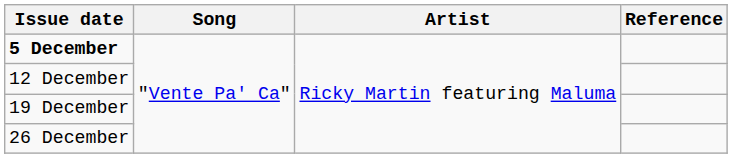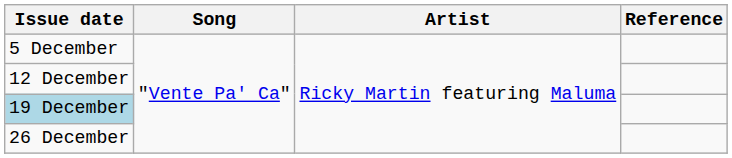 <table class="wikitable">
 <tr>
 <th>Issue date</th>
 <th>Song</th>
 <th>Artist</th>
 <th>Reference</th>
 </tr>
 <tr>
-<td><strong>5 December</strong></td>
+<td>5 December</td>
 <td align="center" rowspan="4">"<a href='#'>Vente Pa' Ca</a>"</td>
 <td align="center" rowspan="4"><a href='#'>Ricky Martin</a> featuring <a href='#'>Maluma</a></td>
 <td align="center"></td>
 </tr>
 <tr>
 <td>12 December</td>
 <td align="center"></td>
 </tr>
 <tr>
-<td>19 December</td>
+<td style="background: lightblue;">19 December</td>
 <td align="center"></td>
 </tr>
 <tr>
 <td>26 December</td>
 <td align="center"></td>
 </tr>
 </table>
